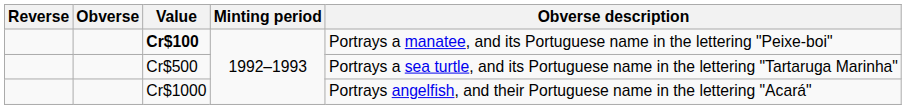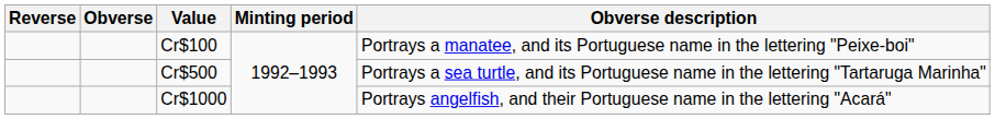 <table class="wikitable">
 <tr>
 <th>Reverse</th>
 <th>Obverse</th>
 <th>Value</th>
 <th>Minting period</th>
 <th>Obverse description</th>
 </tr>
 <tr>
 <td></td>
 <td></td>
-<td><strong>Cr$100</strong></td>
+<td>Cr$100</td>
 <td rowspan="3" style="text-align: center;">1992–1993</td>
 <td>Portrays a <a href='#'>manatee</a>, and its Portuguese name in the lettering "Peixe-boi"</td>
 </tr>
 <tr>
 <td></td>
 <td></td>
 <td>Cr$500</td>
 <td>Portrays a <a href='#'>sea turtle</a>, and its Portuguese name in the lettering "Tartaruga Marinha"</td>
 </tr>
 <tr>
 <td></td>
 <td></td>
 <td>Cr$1000</td>
 <td>Portrays <a href='#'>angelfish</a>, and their Portuguese name in the lettering "Acará"</td>
 </tr>
 </table>
